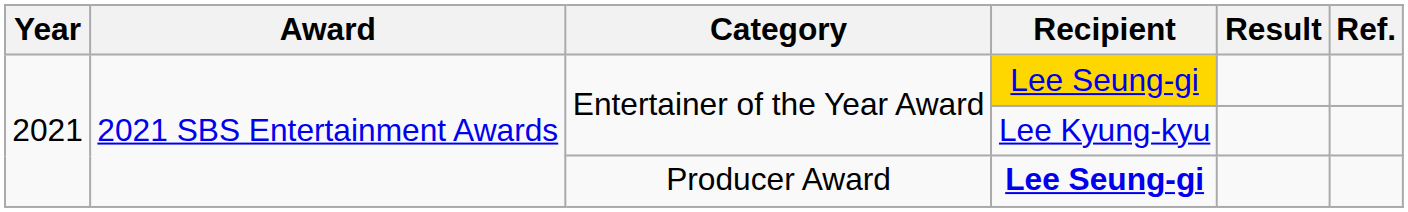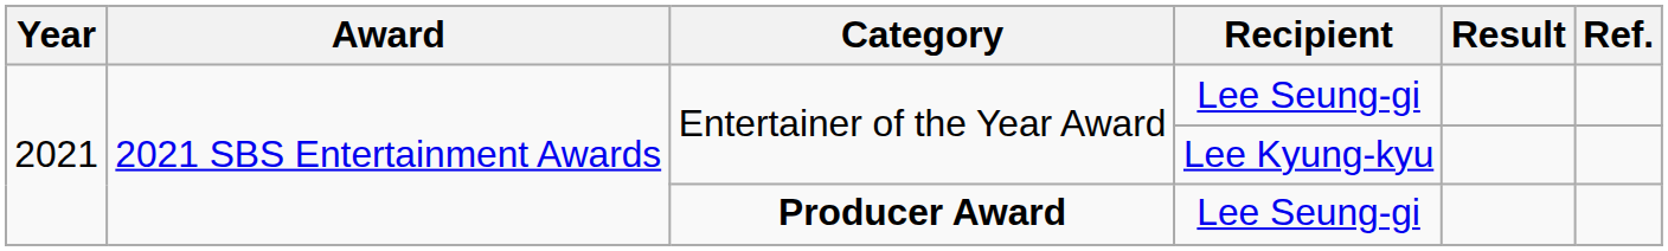 <table class="wikitable sortable" style="text-align:center;">
 <tr>
 <th>Year</th>
 <th>Award</th>
 <th>Category</th>
 <th>Recipient</th>
 <th>Result</th>
 <th>Ref.</th>
 </tr>
 <tr>
 <td rowspan="3">2021</td>
 <td rowspan="3"><a href='#'>2021 SBS Entertainment Awards</a></td>
 <td rowspan="2">Entertainer of the Year Award</td>
-<td style="background: gold;"><a href='#'>Lee Seung-gi</a></td>
+<td><a href='#'>Lee Seung-gi</a></td>
 <td></td>
 <td style="text-align:center"></td>
 </tr>
 <tr>
 <td><a href='#'>Lee Kyung-kyu</a></td>
 <td></td>
 <td style="text-align:center"></td>
 </tr>
 <tr>
-<td>Producer Award</td>
-<td><strong><a href='#'>Lee Seung-gi</a></strong></td>
+<td><strong>Producer Award</strong></td>
+<td><a href='#'>Lee Seung-gi</a></td>
 <td></td>
 <td></td>
 </tr>
 </table>
